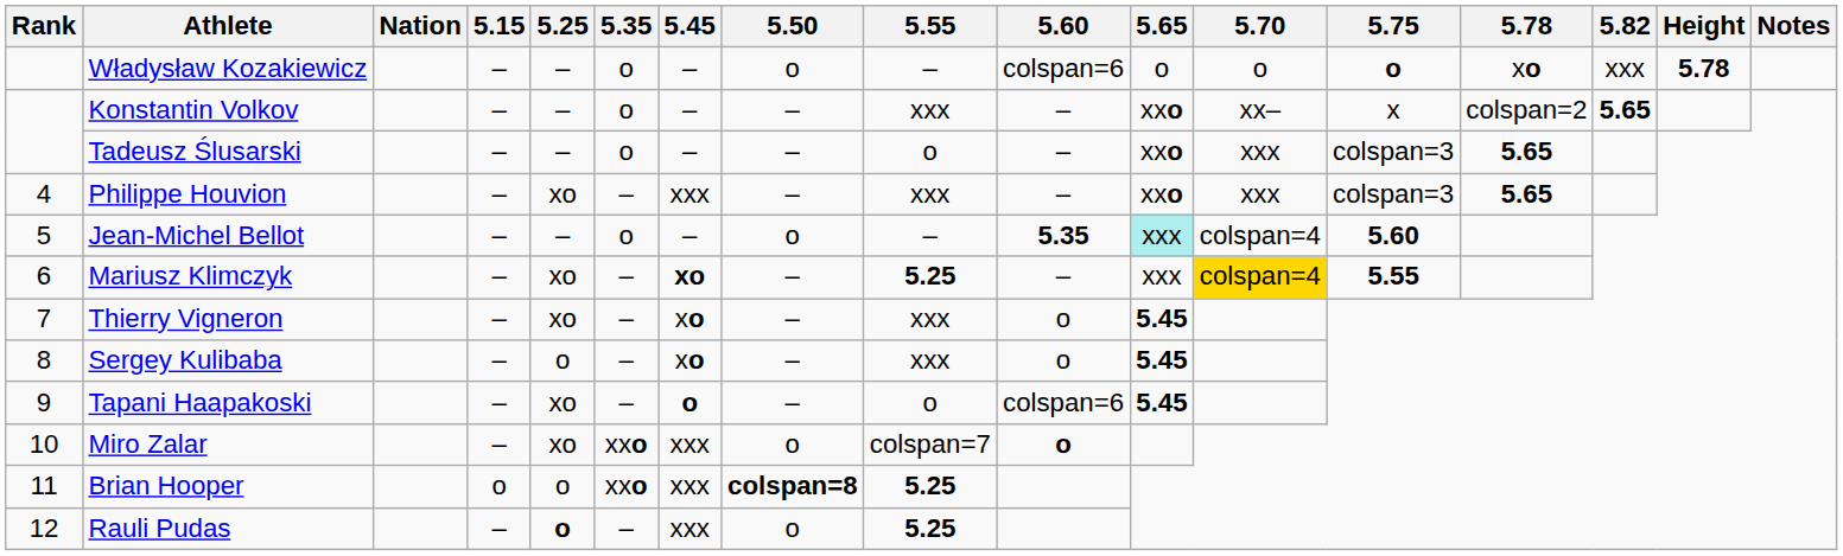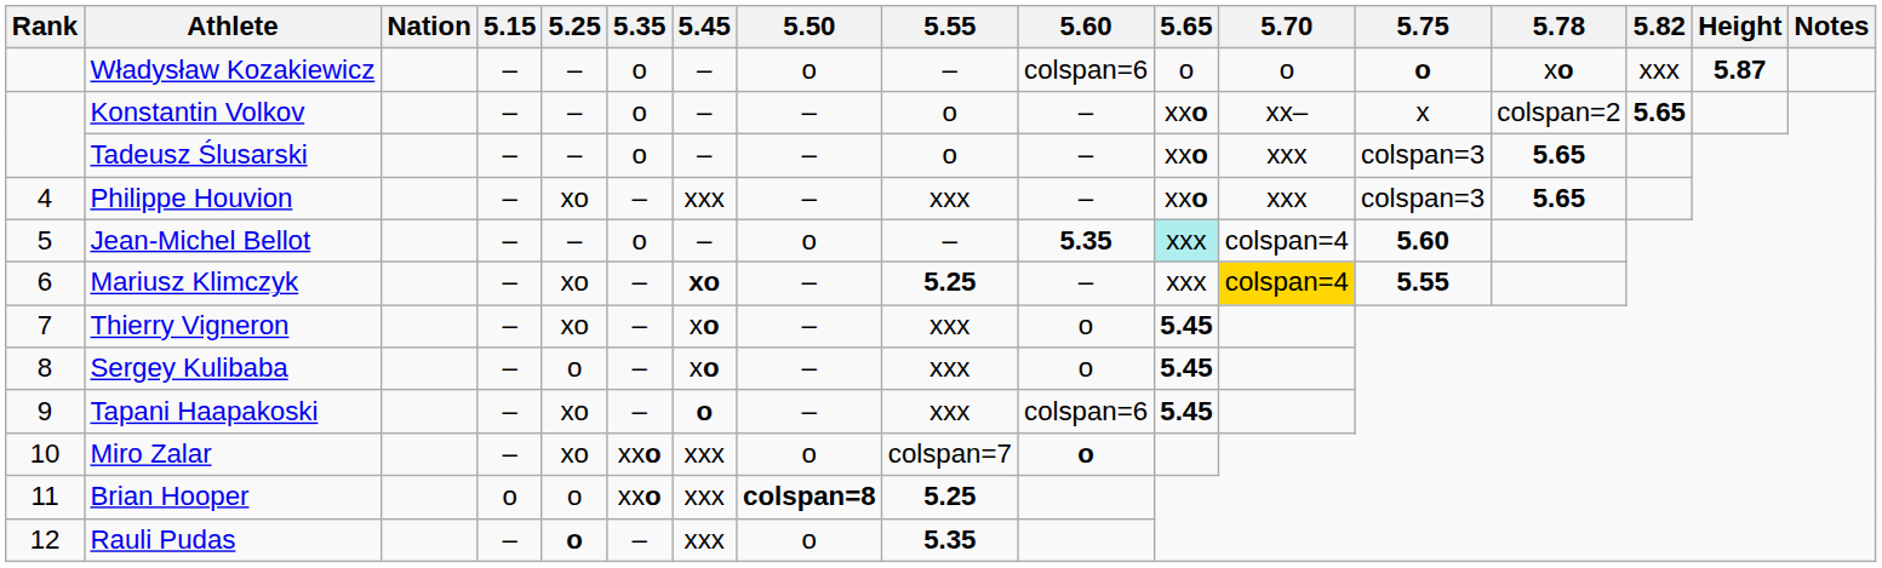 <table class="wikitable sortable" style="text-align:center">
 <tr>
 <th>Rank</th>
 <th>Athlete</th>
 <th>Nation</th>
 <th>5.15</th>
 <th>5.25</th>
 <th>5.35</th>
 <th>5.45</th>
 <th>5.50</th>
 <th>5.55</th>
 <th>5.60</th>
 <th>5.65</th>
 <th>5.70</th>
 <th>5.75</th>
 <th>5.78</th>
 <th>5.82</th>
 <th>Height</th>
 <th>Notes</th>
 </tr>
 <tr>
 <td></td>
 <td align="left"><a href='#'>Władysław Kozakiewicz</a></td>
 <td align=left></td>
 <td>–</td>
 <td>–</td>
 <td>o</td>
 <td>–</td>
 <td>o</td>
 <td>–</td>
 <td>colspan=6 </td>
 <td>o</td>
 <td>o</td>
 <td><strong>o</strong></td>
 <td>x<strong>o</strong></td>
 <td>xxx</td>
-<td><strong>5.78</strong></td>
+<td><strong>5.87</strong></td>
 <td></td>
 </tr>
 <tr>
 <td rowspan=2></td>
 <td align="left"><a href='#'>Konstantin Volkov</a></td>
 <td align=left></td>
 <td>–</td>
 <td>–</td>
 <td>o</td>
 <td>–</td>
 <td>–</td>
-<td>xxx</td>
+<td>o</td>
 <td>–</td>
 <td>xx<strong>o</strong></td>
 <td>xx–</td>
 <td>x</td>
 <td>colspan=2 </td>
 <td><strong>5.65</strong></td>
 <td></td>
 </tr>
 <tr>
 <td align="left"><a href='#'>Tadeusz Ślusarski</a></td>
 <td align=left></td>
 <td>–</td>
 <td>–</td>
 <td>o</td>
 <td>–</td>
 <td>–</td>
 <td>o</td>
 <td>–</td>
 <td>xx<strong>o</strong></td>
 <td>xxx</td>
 <td>colspan=3 </td>
 <td><strong>5.65</strong></td>
 <td></td>
 </tr>
 <tr>
 <td>4</td>
 <td align="left"><a href='#'>Philippe Houvion</a></td>
 <td align=left></td>
 <td>–</td>
 <td>xo</td>
 <td>–</td>
 <td>xxx</td>
 <td>–</td>
 <td>xxx</td>
 <td>–</td>
 <td>xx<strong>o</strong></td>
 <td>xxx</td>
 <td>colspan=3 </td>
 <td><strong>5.65</strong></td>
 <td></td>
 </tr>
 <tr>
 <td>5</td>
 <td align="left"><a href='#'>Jean-Michel Bellot</a></td>
 <td align=left></td>
 <td>–</td>
 <td>–</td>
 <td>o</td>
 <td>–</td>
 <td>o</td>
 <td>–</td>
 <td><strong>5.35</strong></td>
 <td style="background: paleturquoise;">xxx</td>
 <td>colspan=4 </td>
 <td><strong>5.60</strong></td>
 <td></td>
 </tr>
 <tr>
 <td>6</td>
 <td align="left"><a href='#'>Mariusz Klimczyk</a></td>
 <td align=left></td>
 <td>–</td>
 <td>xo</td>
 <td>–</td>
 <td><strong>xo</strong></td>
 <td>–</td>
 <td><strong>5.25</strong></td>
 <td>–</td>
 <td>xxx</td>
 <td style="background: gold;">colspan=4 </td>
 <td><strong>5.55</strong></td>
 <td></td>
 </tr>
 <tr>
 <td>7</td>
 <td align="left"><a href='#'>Thierry Vigneron</a></td>
 <td align=left></td>
 <td>–</td>
 <td>xo</td>
 <td>–</td>
 <td>x<strong>o</strong></td>
 <td>–</td>
 <td>xxx</td>
 <td>o</td>
 <td><strong>5.45</strong></td>
 <td></td>
 </tr>
 <tr>
 <td>8</td>
 <td align="left"><a href='#'>Sergey Kulibaba</a></td>
 <td align=left></td>
 <td>–</td>
 <td>o</td>
 <td>–</td>
 <td>x<strong>o</strong></td>
 <td>–</td>
 <td>xxx</td>
 <td>o</td>
 <td><strong>5.45</strong></td>
 <td></td>
 </tr>
 <tr>
 <td>9</td>
 <td align="left"><a href='#'>Tapani Haapakoski</a></td>
 <td align=left></td>
 <td>–</td>
 <td>xo</td>
 <td>–</td>
 <td><strong>o</strong></td>
 <td>–</td>
-<td>o</td>
+<td>xxx</td>
 <td>colspan=6 </td>
 <td><strong>5.45</strong></td>
 <td></td>
 </tr>
 <tr>
 <td>10</td>
 <td align="left"><a href='#'>Miro Zalar</a></td>
 <td align=left></td>
 <td>–</td>
 <td>xo</td>
 <td>xx<strong>o</strong></td>
 <td>xxx</td>
 <td>o</td>
 <td>colspan=7 </td>
 <td><strong>o</strong></td>
 <td></td>
 </tr>
 <tr>
 <td>11</td>
 <td align="left"><a href='#'>Brian Hooper</a></td>
 <td align=left></td>
 <td>o</td>
 <td>o</td>
 <td>xx<strong>o</strong></td>
 <td>xxx</td>
 <td><strong>colspan=8 </strong></td>
 <td><strong>5.25</strong></td>
 <td></td>
 </tr>
 <tr>
 <td>12</td>
 <td align="left"><a href='#'>Rauli Pudas</a></td>
 <td align=left></td>
 <td>–</td>
 <td><strong>o</strong></td>
 <td>–</td>
 <td>xxx</td>
 <td>o</td>
-<td><strong>5.25</strong></td>
+<td><strong>5.35</strong></td>
 <td></td>
 </tr>
 </table>
